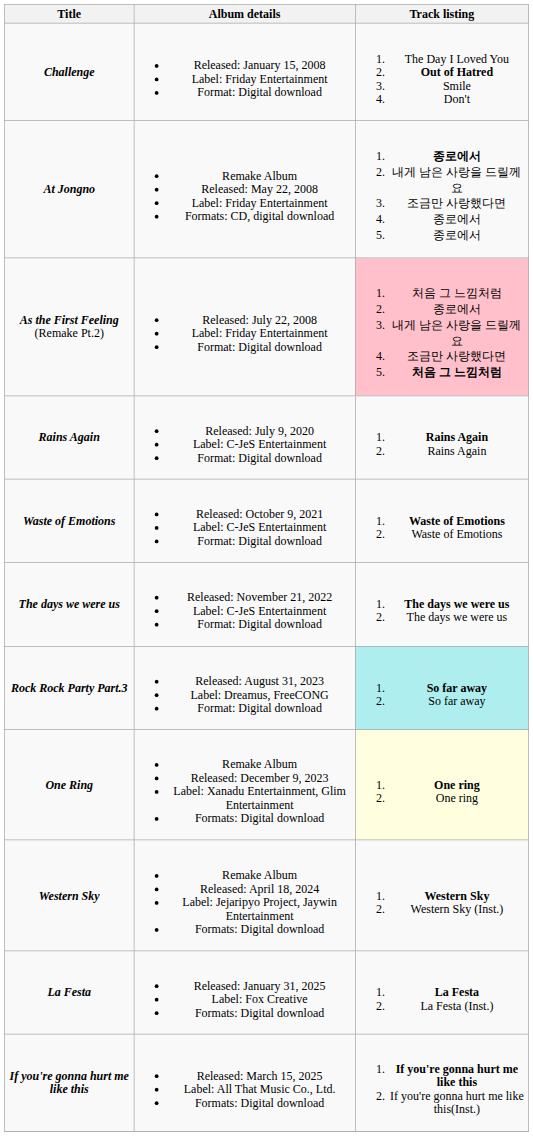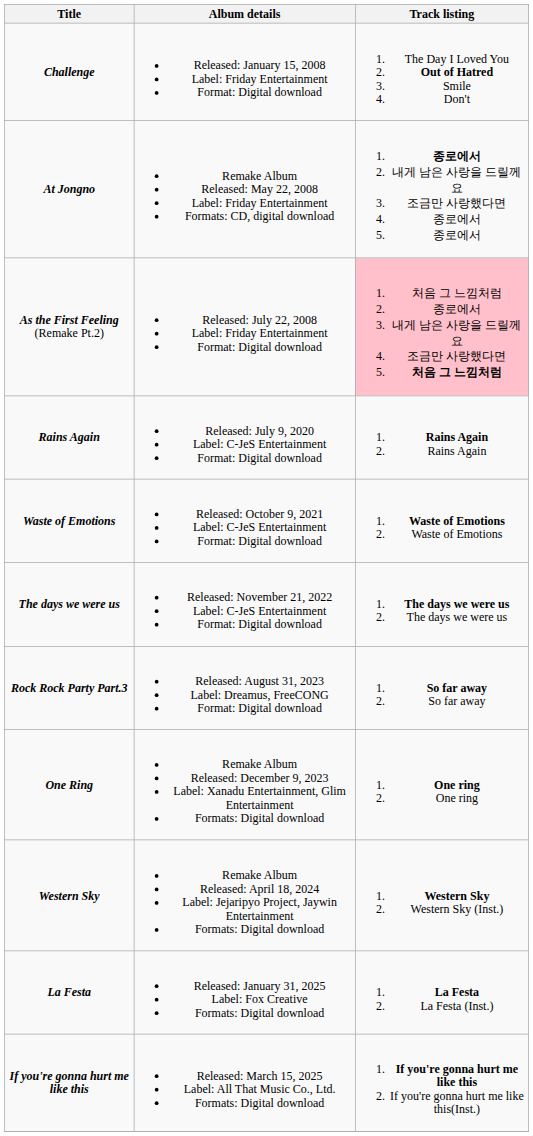 <table class="wikitable plainrowheaders" style="text-align:center; width:700px;">
 <tr>
 <th>Title</th>
 <th>Album details</th>
 <th>Track listing</th>
 </tr>
 <tr>
 <td><strong><em>Challenge</em></strong></td>
 <td><br><ul><li>Released: January 15, 2008</li><li>Label: Friday Entertainment</li><li>Format: Digital download</li></ul></td>
 <td><br><ol><li>The Day I Loved You </li><li><strong>Out of Hatred</strong> </li><li>Smile </li><li>Don't </li></ol></td>
 </tr>
 <tr>
 <td><strong><em>At Jongno</em></strong></td>
 <td><br><ul><li>Remake Album</li><li>Released: May 22, 2008</li><li>Label: Friday Entertainment</li><li>Formats: CD, digital download</li></ul></td>
 <td><br><ol><li><strong>종로에서</strong> </li><li>내게 남은 사랑을 드릴께요</li><li>조금만 사랑했다면</li><li>종로에서 </li><li>종로에서 </li></ol></td>
 </tr>
 <tr>
 <td><strong><em>As the First Feeling</em></strong> <br>(Remake Pt.2)</td>
 <td><br><ul><li>Released: July 22, 2008</li><li>Label: Friday Entertainment</li><li>Format: Digital download</li></ul></td>
 <td style="background: pink;"><br><ol><li>처음 그 느낌처럼</li><li>종로에서 </li><li>내게 남은 사랑을 드릴께요</li><li>조금만 사랑했다면</li><li><strong>처음 그 느낌처럼</strong> </li></ol></td>
 </tr>
 <tr>
 <td><strong><em>Rains Again</em></strong></td>
 <td><br><ul><li>Released: July 9, 2020</li><li>Label: C-JeS Entertainment</li><li>Format: Digital download</li></ul></td>
 <td><br><ol><li><strong>Rains Again</strong> </li><li>Rains Again </li></ol></td>
 </tr>
 <tr>
 <td><strong><em>Waste of Emotions</em></strong></td>
 <td><br><ul><li>Released: October 9, 2021</li><li>Label: C-JeS Entertainment</li><li>Format: Digital download</li></ul></td>
 <td><br><ol><li><strong>Waste of Emotions</strong> </li><li>Waste of Emotions </li></ol></td>
 </tr>
 <tr>
 <td><strong><em>The days we were us</em></strong></td>
 <td><br><ul><li>Released: November 21, 2022</li><li>Label: C-JeS Entertainment</li><li>Format: Digital download</li></ul></td>
 <td><br><ol><li><strong>The days we were us</strong> </li><li>The days we were us </li></ol></td>
 </tr>
 <tr>
 <td><strong><em>Rock Rock Party Part.3</em></strong></td>
 <td><br><ul><li>Released: August 31, 2023</li><li>Label: Dreamus, FreeCONG</li><li>Format: Digital download</li></ul></td>
-<td style="background: paleturquoise;"><br><ol><li><strong>So far away</strong> </li><li>So far away </li></ol></td>
+<td><br><ol><li><strong>So far away</strong> </li><li>So far away </li></ol></td>
 </tr>
 <tr>
 <td><strong><em>One Ring</em></strong></td>
 <td><br><ul><li>Remake Album</li><li>Released: December 9, 2023</li><li>Label: Xanadu Entertainment, Glim Entertainment</li><li>Formats: Digital download</li></ul></td>
-<td style="background: lightyellow;"><br><ol><li><strong>One ring</strong> </li><li>One ring </li></ol></td>
+<td><br><ol><li><strong>One ring</strong> </li><li>One ring </li></ol></td>
 </tr>
 <tr>
 <td><strong><em>Western Sky</em></strong></td>
 <td><br><ul><li>Remake Album</li><li>Released: April 18, 2024</li><li>Label: Jejaripyo Project, Jaywin Entertainment</li><li>Formats: Digital download</li></ul></td>
 <td><br><ol><li><strong>Western Sky</strong> </li><li>Western Sky (Inst.) </li></ol></td>
 </tr>
 <tr>
 <td><strong><em>La Festa</em></strong></td>
 <td><br><ul><li>Released: January 31, 2025</li><li>Label: Fox Creative</li><li>Formats: Digital download</li></ul></td>
 <td><br><ol><li><strong>La Festa</strong> </li><li>La Festa (Inst.) </li></ol></td>
 </tr>
 <tr>
 <td><strong><em>If you're gonna hurt me like this</em></strong></td>
 <td><br><ul><li>Released: March 15, 2025</li><li>Label: All That Music Co., Ltd.</li><li>Formats: Digital download</li></ul></td>
 <td><br><ol><li><strong>If you're gonna hurt me like this</strong> </li><li>If you're gonna hurt me like this(Inst.) </li></ol></td>
 </tr>
 <tr>
 </tr>
 </table>
